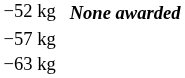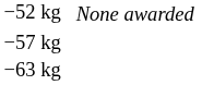 <table>
 <tr>
 <td rowspan=2>−52 kg</td>
 <td rowspan=2></td>
 <td rowspan=2></td>
 <td></td>
 </tr>
 <tr>
-<td><strong><em>None awarded</em></strong></td>
+<td><em>None awarded</em></td>
 </tr>
 <tr>
 <td rowspan=2>−57 kg</td>
 <td rowspan=2></td>
 <td rowspan=2></td>
 <td></td>
 </tr>
 <tr>
 <td></td>
 </tr>
 <tr>
 <td rowspan=2>−63 kg</td>
 <td rowspan=2></td>
 <td rowspan=2></td>
 <td></td>
 </tr>
 <tr>
 <td></td>
 </tr>
 </table>
